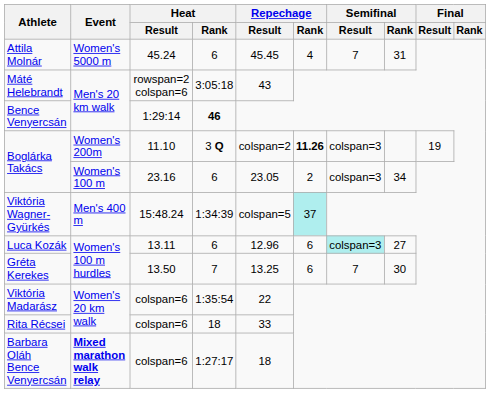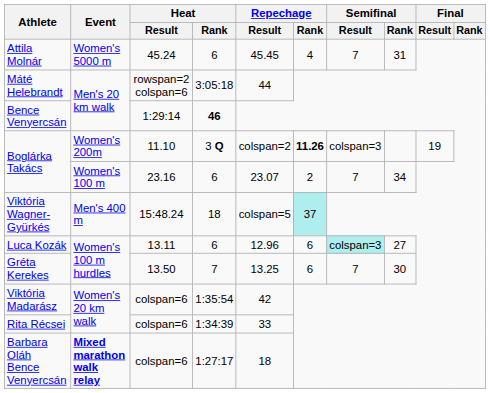 <table class="wikitable" style="font-size:90%">
 <tr>
 <th rowspan="2">Athlete</th>
 <th rowspan="2">Event</th>
 <th colspan="2">Heat</th>
 <th colspan="2"><a href='#'>Repechage</a></th>
 <th colspan="2">Semifinal</th>
 <th colspan="2">Final</th>
 </tr>
 <tr style="font-size:95%">
 <th>Result</th>
 <th>Rank</th>
 <th>Result</th>
 <th>Rank</th>
 <th>Result</th>
 <th>Rank</th>
 <th>Result</th>
 <th>Rank</th>
 </tr>
 <tr align=center>
 <td align=left><a href='#'>Attila Molnár</a></td>
 <td align=left><a href='#'>Women's 5000 m</a></td>
 <td>45.24</td>
 <td>6</td>
 <td>45.45</td>
 <td>4</td>
 <td>7</td>
 <td>31</td>
 </tr>
 <tr align=center>
 <td align=left><a href='#'>Máté Helebrandt</a></td>
 <td align=left rowspan=2><a href='#'>Men's 20 km walk</a></td>
 <td>rowspan=2 colspan=6 </td>
 <td>3:05:18</td>
-<td>43</td>
+<td>44</td>
 </tr>
 <tr align=center>
 <td align=left><a href='#'>Bence Venyercsán</a></td>
 <td>1:29:14</td>
 <td><strong>46</strong></td>
 </tr>
 <tr align=center>
 <td align=left rowspan=2><a href='#'>Boglárka Takács</a></td>
 <td align=left><a href='#'>Women's 200m</a></td>
 <td>11.10</td>
 <td>3 <strong>Q</strong></td>
 <td>colspan=2 </td>
 <td><strong>11.26</strong></td>
 <td>colspan=3 </td>
 <td></td>
 <td>19</td>
 </tr>
 <tr align=center>
 <td align=left><a href='#'>Women's 100 m</a></td>
 <td>23.16</td>
 <td>6</td>
-<td>23.05</td>
+<td>23.07</td>
 <td>2</td>
-<td>colspan=3 </td>
+<td>7</td>
 <td>34</td>
 </tr>
 <tr align=center>
 <td align=left><a href='#'>Viktória Wagner-Gyürkés</a></td>
 <td align=left><a href='#'>Men's 400 m</a></td>
 <td>15:48.24</td>
-<td>1:34:39</td>
+<td>18</td>
 <td>colspan=5 </td>
 <td style="background: paleturquoise;">37</td>
 </tr>
 <tr align=center>
 <td align=left><a href='#'>Luca Kozák</a></td>
 <td align=left rowspan=2><a href='#'>Women's 100 m hurdles</a></td>
 <td>13.11</td>
 <td>6</td>
 <td>12.96 </td>
 <td>6</td>
 <td style="background: paleturquoise;">colspan=3 </td>
 <td>27</td>
 </tr>
 <tr align=center>
 <td align=left><a href='#'>Gréta Kerekes</a></td>
 <td>13.50</td>
 <td>7</td>
 <td>13.25</td>
 <td>6</td>
 <td>7</td>
 <td>30</td>
 </tr>
 <tr align=center>
 <td align=left><a href='#'>Viktória Madarász</a></td>
 <td align=left rowspan=2><a href='#'>Women's 20 km walk</a></td>
 <td>colspan=6 </td>
 <td>1:35:54</td>
-<td>22</td>
+<td>42</td>
 </tr>
 <tr align=center>
 <td align=left><a href='#'>Rita Récsei</a></td>
 <td>colspan=6 </td>
-<td>18</td>
+<td>1:34:39</td>
 <td>33</td>
 </tr>
 <tr align=center>
 <td align=left><a href='#'>Barbara Oláh</a><br><a href='#'>Bence Venyercsán</a></td>
 <td align=left><strong><a href='#'>Mixed marathon walk relay</a></strong></td>
 <td>colspan=6 </td>
 <td>1:27:17</td>
 <td>18</td>
 </tr>
 </table>
